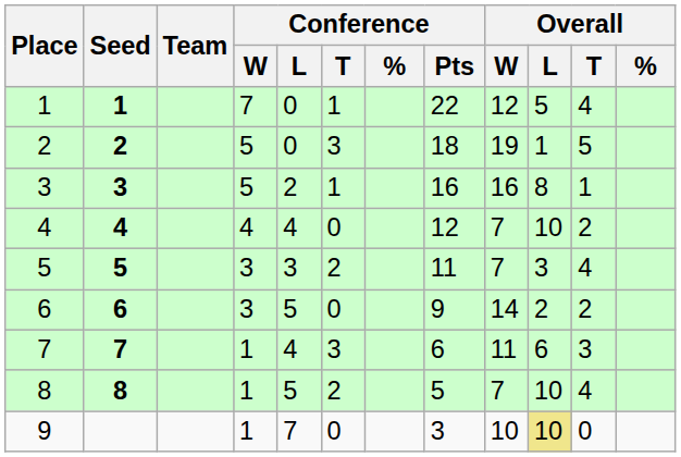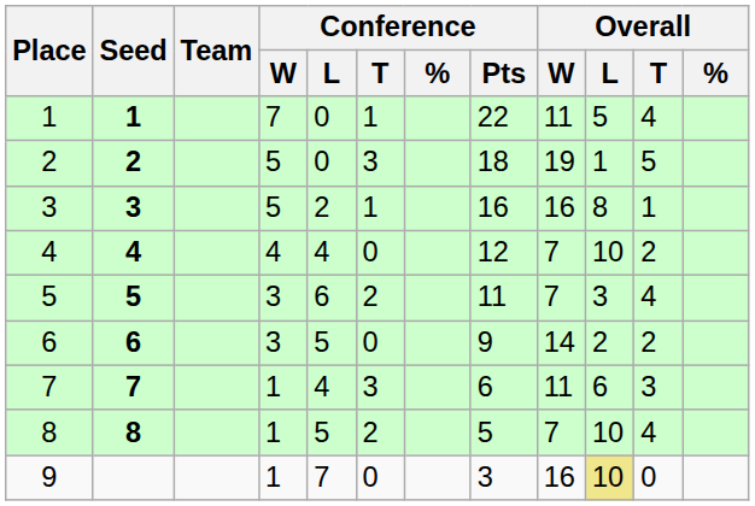 <table class="wikitable">
 <tr>
 <th rowspan ="2">Place</th>
 <th rowspan ="2">Seed</th>
 <th rowspan ="2">Team</th>
 <th colspan = "5">Conference</th>
 <th colspan = "4">Overall</th>
 </tr>
 <tr>
 <th scope="col" style="width: 20px;">W</th>
 <th scope="col" style="width: 20px;">L</th>
 <th scope="col" style="width: 20px;">T</th>
 <th scope="col" style="width: 30px;">%</th>
 <th scope="col" style="width: 30px;">Pts</th>
 <th scope="col" style="width: 20px;">W</th>
 <th scope="col" style="width: 20px;">L</th>
 <th scope="col" style="width: 20px;">T</th>
 <th scope="col" style="width: 30px;">%</th>
 </tr>
 <tr bgcolor=#ccffcc>
 <td style="text-align:center;">1</td>
 <td style="text-align:center;"><strong>1</strong></td>
 <td></td>
 <td>7</td>
 <td>0</td>
 <td>1</td>
 <td></td>
 <td>22</td>
-<td>12</td>
+<td>11</td>
 <td>5</td>
 <td>4</td>
 <td></td>
 </tr>
 <tr bgcolor=#ccffcc>
 <td style="text-align:center;">2</td>
 <td style="text-align:center;"><strong>2</strong></td>
 <td></td>
 <td>5</td>
 <td>0</td>
 <td>3</td>
 <td></td>
 <td>18</td>
 <td>19</td>
 <td>1</td>
 <td>5</td>
 <td></td>
 </tr>
 <tr bgcolor=#ccffcc>
 <td style="text-align:center;">3</td>
 <td style="text-align:center;"><strong>3</strong></td>
 <td></td>
 <td>5</td>
 <td>2</td>
 <td>1</td>
 <td></td>
 <td>16</td>
 <td>16</td>
 <td>8</td>
 <td>1</td>
 <td></td>
 </tr>
 <tr bgcolor=#ccffcc>
 <td style="text-align:center;">4</td>
 <td style="text-align:center;"><strong>4</strong></td>
 <td></td>
 <td>4</td>
 <td>4</td>
 <td>0</td>
 <td></td>
 <td>12</td>
 <td>7</td>
 <td>10</td>
 <td>2</td>
 <td></td>
 </tr>
 <tr bgcolor=#ccffcc>
 <td style="text-align:center;">5</td>
 <td style="text-align:center;"><strong>5</strong></td>
 <td></td>
 <td>3</td>
-<td>3</td>
+<td>6</td>
 <td>2</td>
 <td></td>
 <td>11</td>
 <td>7</td>
 <td>3</td>
 <td>4</td>
 <td></td>
 </tr>
 <tr bgcolor=#ccffcc>
 <td style="text-align:center;">6</td>
 <td style="text-align:center;"><strong>6</strong></td>
 <td></td>
 <td>3</td>
 <td>5</td>
 <td>0</td>
 <td></td>
 <td>9</td>
 <td>14</td>
 <td>2</td>
 <td>2</td>
 <td></td>
 </tr>
 <tr bgcolor=#ccffcc>
 <td style="text-align:center;">7</td>
 <td style="text-align:center;"><strong>7</strong></td>
 <td></td>
 <td>1</td>
 <td>4</td>
 <td>3</td>
 <td></td>
 <td>6</td>
 <td>11</td>
 <td>6</td>
 <td>3</td>
 <td></td>
 </tr>
 <tr bgcolor=#ccffcc>
 <td style="text-align:center;">8</td>
 <td style="text-align:center;"><strong>8</strong></td>
 <td></td>
 <td>1</td>
 <td>5</td>
 <td>2</td>
 <td></td>
 <td>5</td>
 <td>7</td>
 <td>10</td>
 <td>4</td>
 <td></td>
 </tr>
 <tr>
 <td style="text-align:center;">9</td>
 <td style="text-align:center;"></td>
 <td></td>
 <td>1</td>
 <td>7</td>
 <td>0</td>
 <td></td>
 <td>3</td>
-<td>10</td>
+<td>16</td>
 <td style="background: khaki;">10</td>
 <td>0</td>
 <td></td>
 </tr>
 </table>
